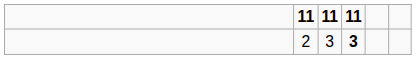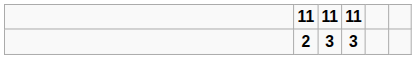 <table class="wikitable">
 <tr>
 <td style="width:18em"><strong></strong></td>
 <td align=center style="width:1em"><strong>11</strong></td>
 <td align=center style="width:1em"><strong>11</strong></td>
 <td align=center style="width:1em"><strong>11</strong></td>
 <td align=center style="width:1em"></td>
 <td align=center style="width:1em"></td>
 </tr>
 <tr>
 <td style="width:18em"></td>
-<td align=center style="width:1em">2</td>
-<td align=center style="width:1em">3</td>
+<td align=center style="width:1em"><strong>2</strong></td>
+<td align=center style="width:1em"><strong>3</strong></td>
 <td align=center style="width:1em"><strong>3</strong></td>
 <td align=center style="width:1em"></td>
 <td align=center style="width:1em"></td>
 </tr>
 </table>
